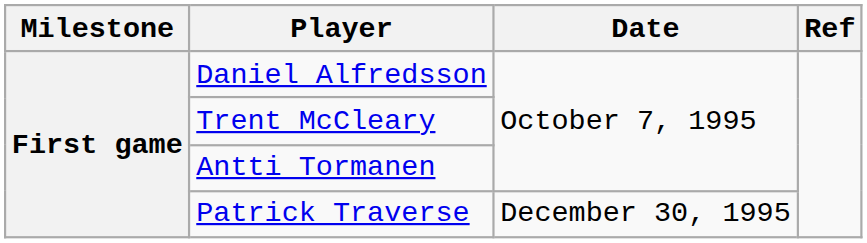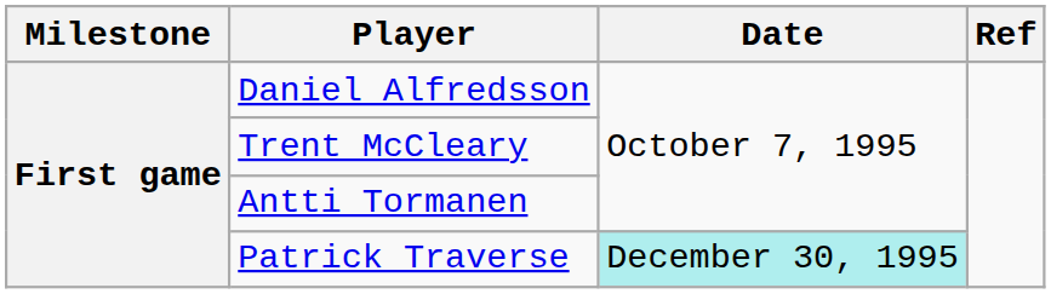 <table class="wikitable">
 <tr>
 <th scope="col">Milestone</th>
 <th scope="col">Player</th>
 <th scope="col">Date</th>
 <th scope="col">Ref</th>
 </tr>
 <tr>
 <th rowspan=4>First game</th>
 <td><a href='#'>Daniel Alfredsson</a></td>
 <td rowspan=3>October 7, 1995</td>
 <td rowspan=4></td>
 </tr>
 <tr>
 <td><a href='#'>Trent McCleary</a></td>
 </tr>
 <tr>
 <td><a href='#'>Antti Tormanen</a></td>
 </tr>
 <tr>
 <td><a href='#'>Patrick Traverse</a></td>
-<td>December 30, 1995</td>
+<td style="background: paleturquoise;">December 30, 1995</td>
 </tr>
 </table>
